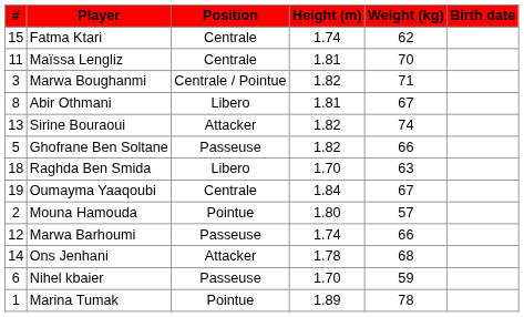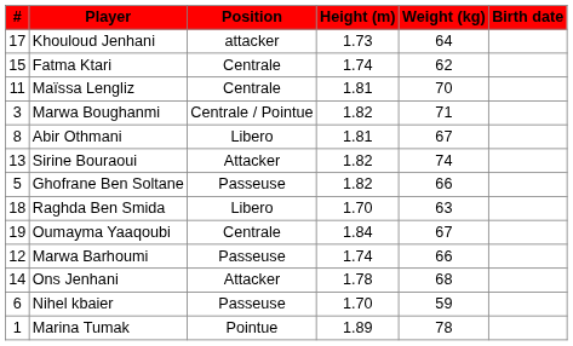 <table cellpadding="3" cellspacing="0" border="1" style="background: red font-size: 95%; border: gray solid 1px; border-collapse: collapse;">
 <tr style="background: red">
 <td align=center><strong>#</strong></td>
 <td align=center><strong>Player</strong></td>
 <td align=center><strong>Position</strong></td>
 <td align=center><strong>Height (m)</strong></td>
 <td align=center><strong>Weight (kg)</strong></td>
 <td align=center><strong>Birth date</strong></td>
+</tr>
+<tr align=center>
+<td>17</td>
+<td align=left> Khouloud Jenhani</td>
+<td>attacker</td>
+<td>1.73</td>
+<td>64</td>
+<td></td>
 </tr>
 <tr align="center">
 <td>15</td>
 <td align=left> Fatma Ktari</td>
 <td>Centrale</td>
 <td>1.74</td>
 <td>62</td>
 <td></td>
 </tr>
 <tr align="center">
 <td>11</td>
 <td align=left> Maïssa Lengliz</td>
 <td>Centrale</td>
 <td>1.81</td>
 <td>70</td>
 <td></td>
 </tr>
 <tr align=center>
 <td>3</td>
 <td align=left> Marwa Boughanmi</td>
 <td>Centrale / Pointue</td>
 <td>1.82</td>
 <td>71</td>
 <td></td>
 </tr>
 <tr align=center>
 <td>8</td>
 <td align=left> Abir Othmani</td>
 <td>Libero</td>
 <td>1.81</td>
 <td>67</td>
 <td></td>
 </tr>
 <tr align=center>
 <td>13</td>
 <td align=left> Sirine Bouraoui</td>
 <td>Attacker</td>
 <td>1.82</td>
 <td>74</td>
 <td></td>
 </tr>
 <tr align=center>
 <td>5</td>
 <td align=left> Ghofrane Ben Soltane</td>
 <td>Passeuse</td>
 <td>1.82</td>
 <td>66</td>
 <td></td>
 </tr>
 <tr align=center>
 <td>18</td>
 <td align=left> Raghda Ben Smida</td>
 <td>Libero</td>
 <td>1.70</td>
 <td>63</td>
 <td></td>
 </tr>
 <tr align=center>
 <td>19</td>
 <td align=left> Oumayma Yaaqoubi</td>
 <td>Centrale</td>
 <td>1.84</td>
 <td>67</td>
 <td></td>
 </tr>
 <tr align=center>
-<td>2</td>
-<td align=left> Mouna Hamouda</td>
-<td>Pointue</td>
-<td>1.80</td>
-<td>57</td>
-<td></td>
-</tr>
-<tr align=center>
 <td>12</td>
 <td align=left> Marwa Barhoumi</td>
 <td>Passeuse</td>
 <td>1.74</td>
 <td>66</td>
 <td></td>
 </tr>
 <tr align=center>
 <td>14</td>
 <td align=left> Ons Jenhani</td>
 <td>Attacker</td>
 <td>1.78</td>
 <td>68</td>
 <td></td>
 </tr>
 <tr align=center>
 <td>6</td>
 <td align=left> Nihel kbaier</td>
 <td>Passeuse</td>
 <td>1.70</td>
 <td>59</td>
 <td></td>
 </tr>
 <tr align=center>
 <td>1</td>
 <td align=left> Marina Tumak</td>
 <td>Pointue</td>
 <td>1.89</td>
 <td>78</td>
 <td></td>
 </tr>
 </table>
